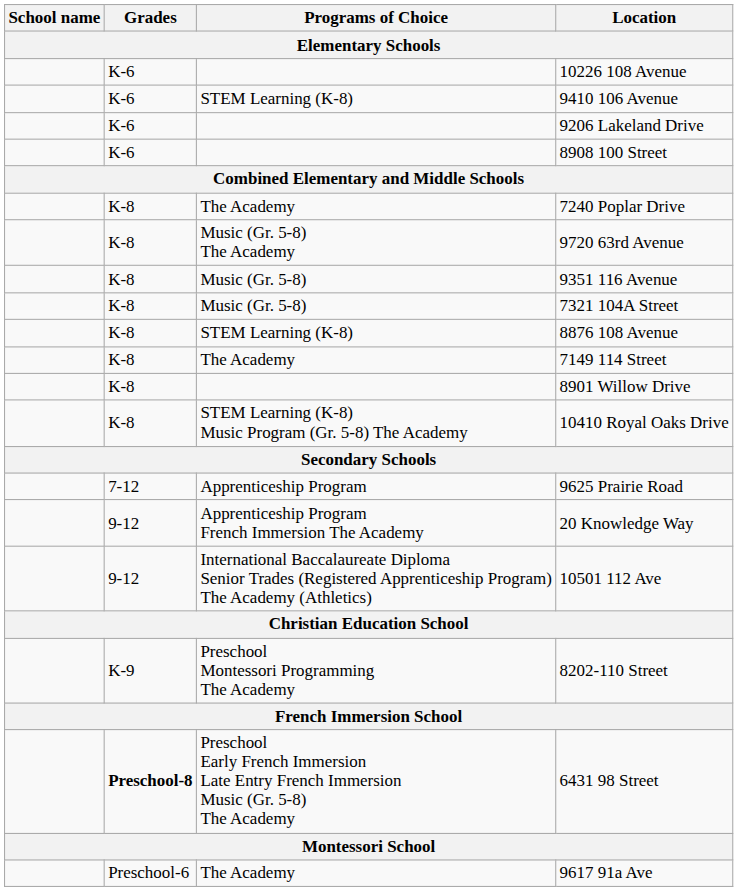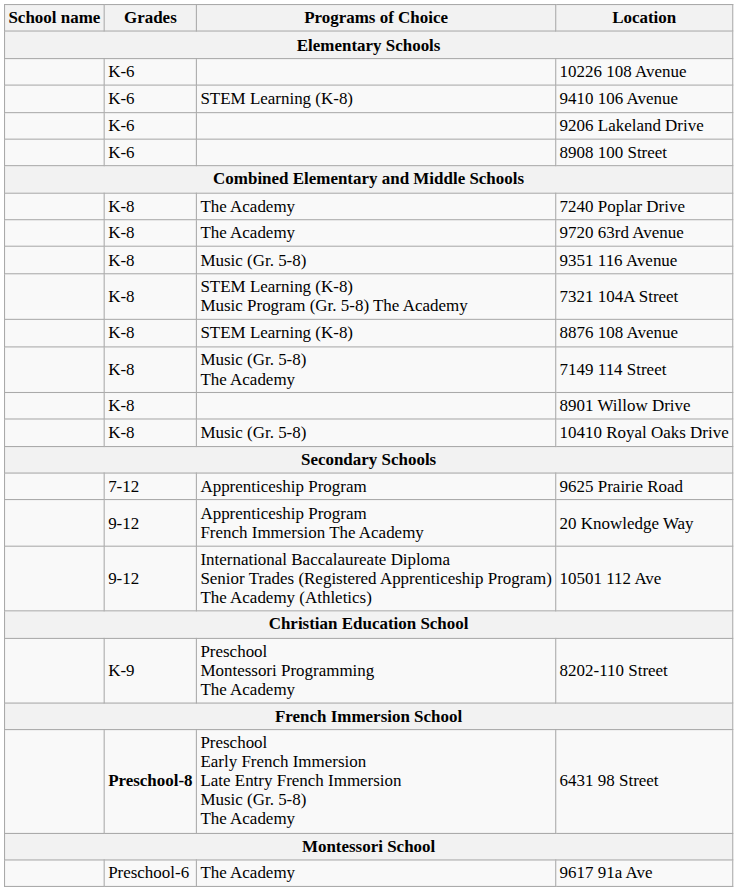 <table class="wikitable">
 <tr>
 <th>School name</th>
 <th>Grades</th>
 <th>Programs of Choice</th>
 <th>Location</th>
 </tr>
 <tr>
 <th colspan="4">Elementary Schools</th>
 </tr>
 <tr>
 <td></td>
 <td>K-6</td>
 <td></td>
 <td>10226 108 Avenue</td>
 </tr>
 <tr>
 <td></td>
 <td>K-6</td>
 <td>STEM Learning (K-8)</td>
 <td>9410 106 Avenue</td>
 </tr>
 <tr>
 <td></td>
 <td>K-6</td>
 <td></td>
 <td>9206 Lakeland Drive</td>
 </tr>
 <tr>
 <td></td>
 <td>K-6</td>
 <td></td>
 <td>8908 100 Street</td>
 </tr>
 <tr>
 <th colspan="4"><strong>Combined Elementary and Middle Schools</strong></th>
 </tr>
 <tr>
 <td></td>
 <td>K-8</td>
 <td>The Academy</td>
 <td>7240 Poplar Drive</td>
 </tr>
 <tr>
 <td></td>
 <td>K-8</td>
-<td>Music (Gr. 5-8)<br>The Academy</td>
+<td>The Academy</td>
 <td>9720 63rd Avenue</td>
 </tr>
 <tr>
 <td></td>
 <td>K-8</td>
 <td>Music (Gr. 5-8)</td>
 <td>9351 116 Avenue</td>
 </tr>
 <tr>
 <td></td>
 <td>K-8</td>
-<td>Music (Gr. 5-8)</td>
+<td>STEM Learning (K-8)<br>Music Program (Gr. 5-8) The Academy</td>
 <td>7321 104A Street</td>
 </tr>
 <tr>
 <td></td>
 <td>K-8</td>
 <td>STEM Learning (K-8)</td>
 <td>8876 108 Avenue</td>
 </tr>
 <tr>
 <td></td>
 <td>K-8</td>
-<td>The Academy</td>
+<td>Music (Gr. 5-8)<br>The Academy</td>
 <td>7149 114 Street</td>
 </tr>
 <tr>
 <td></td>
 <td>K-8</td>
 <td></td>
 <td>8901 Willow Drive</td>
 </tr>
 <tr>
 <td></td>
 <td>K-8</td>
-<td>STEM Learning (K-8)<br>Music Program (Gr. 5-8) The Academy</td>
+<td>Music (Gr. 5-8)</td>
 <td>10410 Royal Oaks Drive</td>
 </tr>
 <tr>
 <th colspan="4"><strong>Secondary Schools</strong></th>
 </tr>
 <tr>
 <td></td>
 <td>7-12</td>
 <td>Apprenticeship Program</td>
 <td>9625 Prairie Road</td>
 </tr>
 <tr>
 <td></td>
 <td>9-12</td>
 <td>Apprenticeship Program<br>French Immersion The Academy</td>
 <td>20 Knowledge Way</td>
 </tr>
 <tr>
 <td></td>
 <td>9-12</td>
 <td>International Baccalaureate Diploma<br>Senior Trades (Registered Apprenticeship Program)<br>The Academy (Athletics)</td>
 <td>10501 112 Ave</td>
 </tr>
 <tr>
 <th colspan="4">Christian Education School</th>
 </tr>
 <tr>
 <td></td>
 <td>K-9</td>
 <td>Preschool<br>Montessori Programming<br>The Academy</td>
 <td>8202-110 Street</td>
 </tr>
 <tr>
 <th colspan="4">French Immersion School</th>
 </tr>
 <tr>
 <td></td>
 <td><strong>Preschool-8</strong></td>
 <td>Preschool<br>Early French Immersion<br>Late Entry French Immersion<br>Music (Gr. 5-8)<br>The Academy</td>
 <td>6431 98 Street</td>
 </tr>
 <tr>
 <th colspan="4">Montessori School</th>
 </tr>
 <tr>
 <td></td>
 <td>Preschool-6</td>
 <td>The Academy</td>
 <td>9617 91a Ave</td>
 </tr>
 </table>
